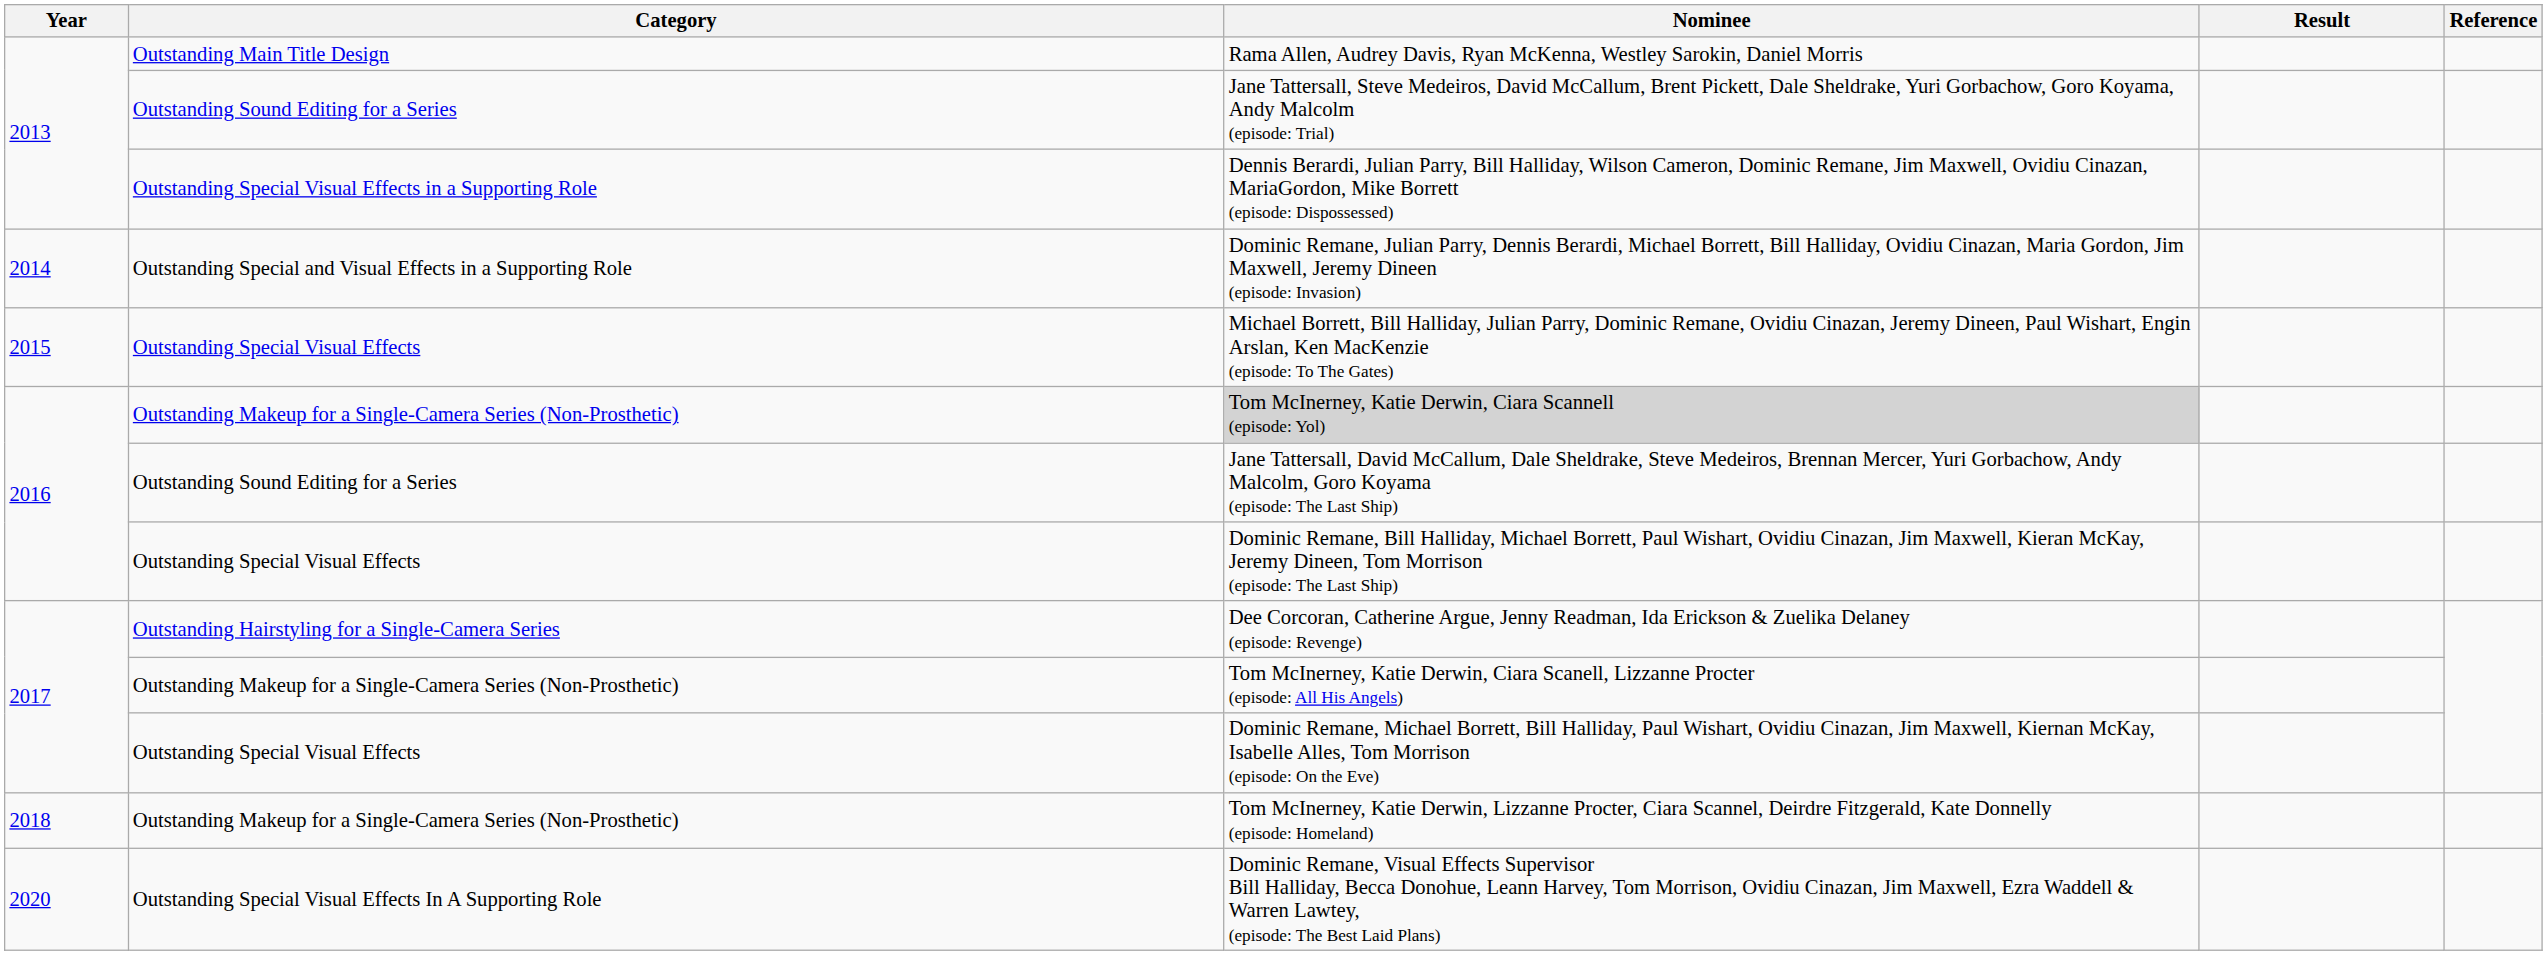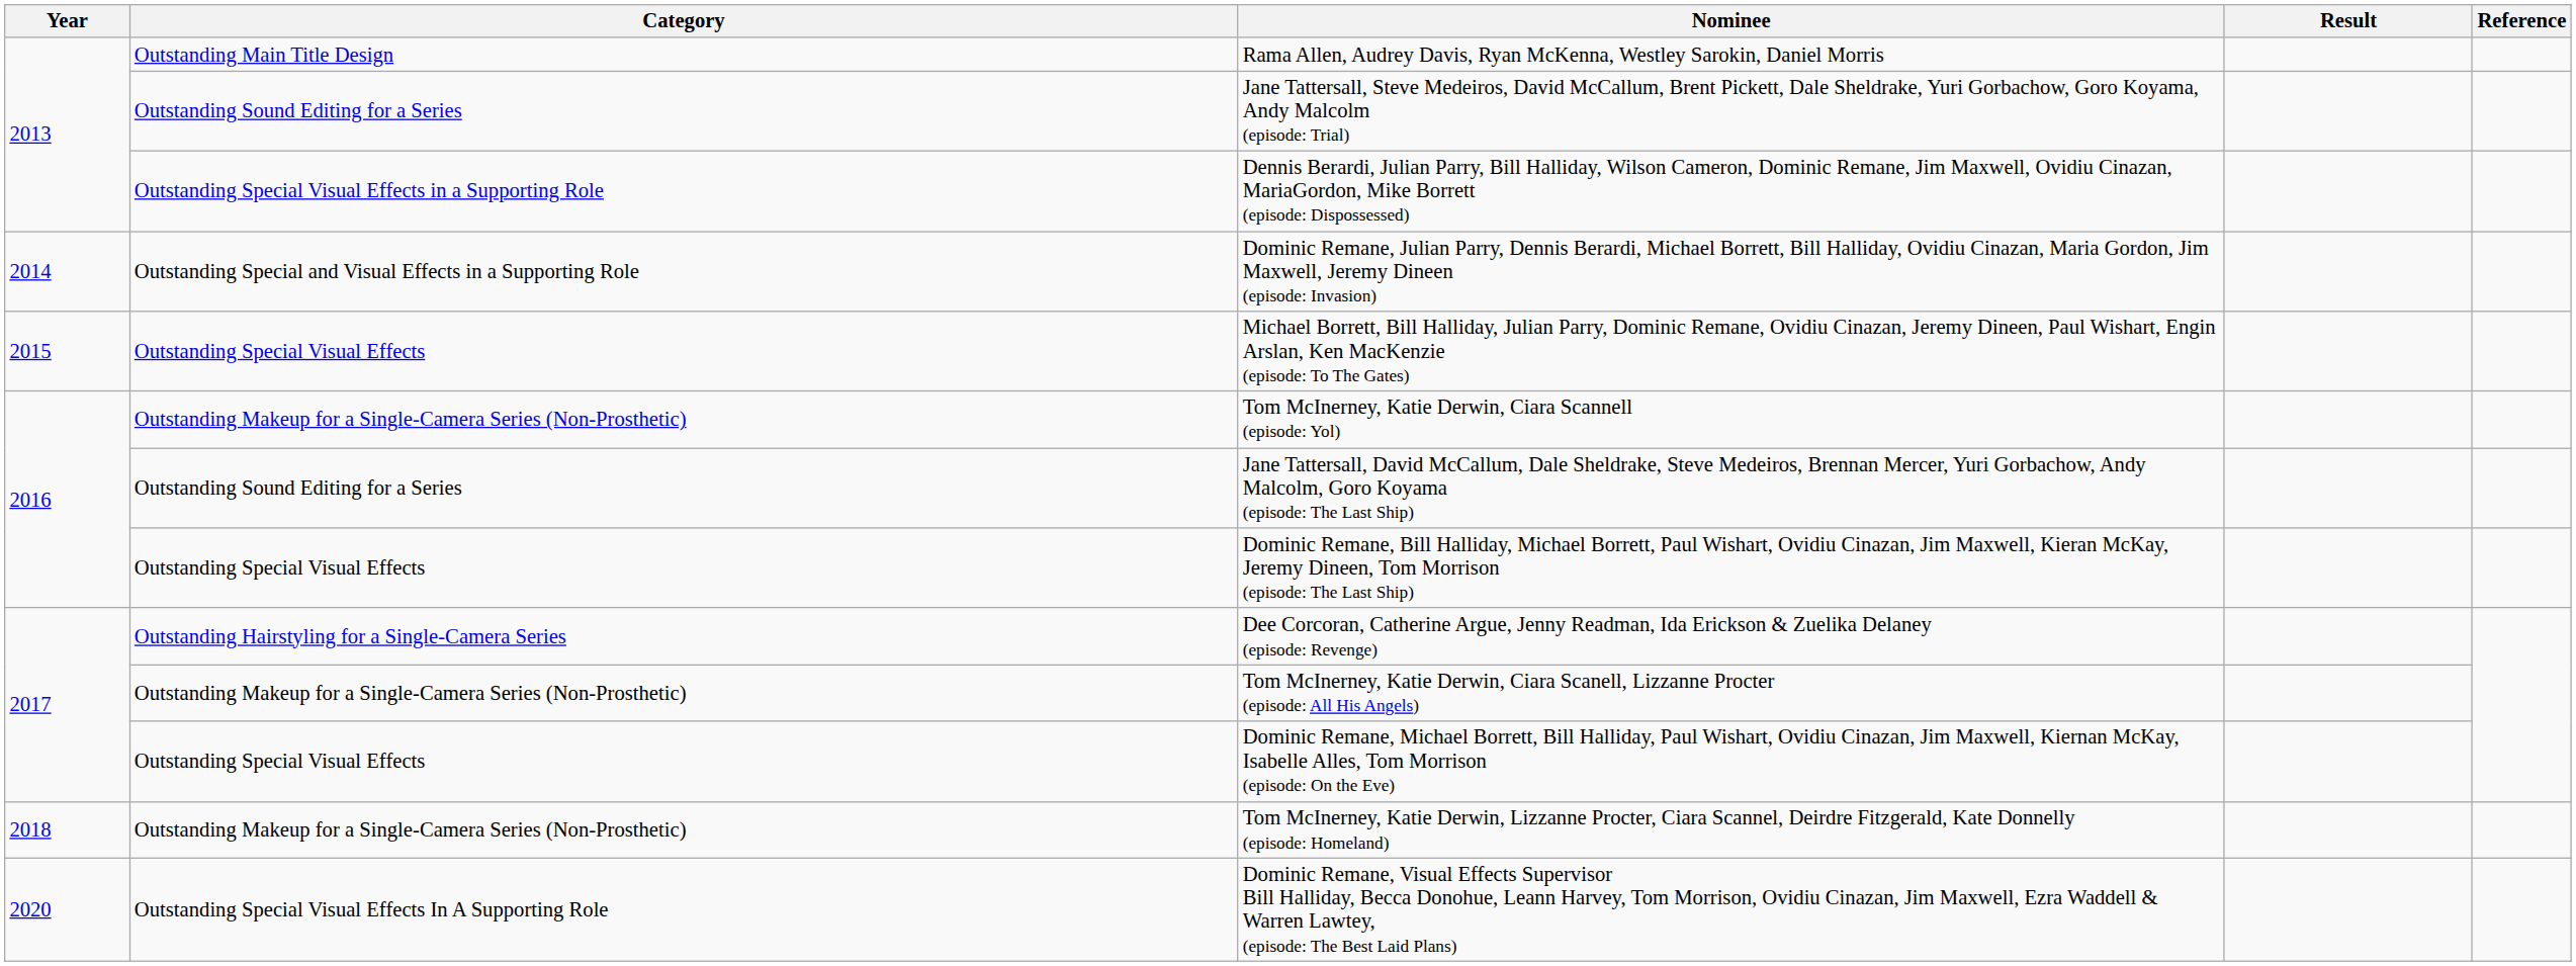 <table class="wikitable">
 <tr>
 <th width=5%>Year</th>
 <th width=45%>Category</th>
 <th width=40%>Nominee</th>
 <th width=10%>Result</th>
 <th width=5%>Reference</th>
 </tr>
 <tr>
 <td rowspan="3"><a href='#'>2013</a></td>
 <td><a href='#'>Outstanding Main Title Design</a></td>
 <td>Rama Allen, Audrey Davis, Ryan McKenna, Westley Sarokin, Daniel Morris</td>
 <td></td>
 <td></td>
 </tr>
 <tr>
 <td><a href='#'>Outstanding Sound Editing for a Series</a></td>
 <td>Jane Tattersall, Steve Medeiros, David McCallum, Brent Pickett, Dale Sheldrake, Yuri Gorbachow, Goro Koyama, Andy Malcolm<br><small>(episode: Trial)</small></td>
 <td></td>
 <td></td>
 </tr>
 <tr>
 <td><a href='#'>Outstanding Special Visual Effects in a Supporting Role</a></td>
 <td>Dennis Berardi, Julian Parry, Bill Halliday, Wilson Cameron, Dominic Remane, Jim Maxwell, Ovidiu Cinazan, MariaGordon, Mike Borrett<br><small>(episode: Dispossessed)</small></td>
 <td></td>
 <td></td>
 </tr>
 <tr>
 <td><a href='#'>2014</a></td>
 <td>Outstanding Special and Visual Effects in a Supporting Role</td>
 <td>Dominic Remane, Julian Parry, Dennis Berardi, Michael Borrett, Bill Halliday, Ovidiu Cinazan, Maria Gordon, Jim Maxwell, Jeremy Dineen<br><small>(episode: Invasion)</small></td>
 <td></td>
 <td></td>
 </tr>
 <tr>
 <td><a href='#'>2015</a></td>
 <td><a href='#'>Outstanding Special Visual Effects</a></td>
 <td>Michael Borrett, Bill Halliday, Julian Parry, Dominic Remane, Ovidiu Cinazan, Jeremy Dineen, Paul Wishart, Engin Arslan, Ken MacKenzie<br><small>(episode: To The Gates)</small></td>
 <td></td>
 <td></td>
 </tr>
 <tr>
 <td rowspan="3"><a href='#'>2016</a></td>
 <td><a href='#'>Outstanding Makeup for a Single-Camera Series (Non-Prosthetic)</a></td>
-<td style="background: lightgrey;">Tom McInerney, Katie Derwin, Ciara Scannell<br><small>(episode: Yol)</small></td>
+<td>Tom McInerney, Katie Derwin, Ciara Scannell<br><small>(episode: Yol)</small></td>
 <td></td>
 <td></td>
 </tr>
 <tr>
 <td>Outstanding Sound Editing for a Series</td>
 <td>Jane Tattersall, David McCallum, Dale Sheldrake, Steve Medeiros, Brennan Mercer, Yuri Gorbachow, Andy Malcolm, Goro Koyama<br><small>(episode: The Last Ship)</small></td>
 <td></td>
 <td></td>
 </tr>
 <tr>
 <td>Outstanding Special Visual Effects</td>
 <td>Dominic Remane, Bill Halliday, Michael Borrett, Paul Wishart, Ovidiu Cinazan, Jim Maxwell, Kieran McKay, Jeremy Dineen, Tom Morrison<br><small>(episode: The Last Ship)</small></td>
 <td></td>
 <td></td>
 </tr>
 <tr>
 <td rowspan=3><a href='#'>2017</a></td>
 <td><a href='#'>Outstanding Hairstyling for a Single-Camera Series</a></td>
 <td>Dee Corcoran, Catherine Argue, Jenny Readman, Ida Erickson & Zuelika Delaney<br><small>(episode: Revenge)</small></td>
 <td></td>
 <td rowspan=3></td>
 </tr>
 <tr>
 <td>Outstanding Makeup for a Single-Camera Series (Non-Prosthetic)</td>
 <td>Tom McInerney, Katie Derwin, Ciara Scanell, Lizzanne Procter<br><small>(episode: <a href='#'>All His Angels</a>)</small></td>
 <td></td>
 </tr>
 <tr>
 <td>Outstanding Special Visual Effects</td>
 <td>Dominic Remane, Michael Borrett, Bill Halliday, Paul Wishart, Ovidiu Cinazan, Jim Maxwell, Kiernan McKay, Isabelle Alles, Tom Morrison<br><small>(episode: On the Eve)</small></td>
 <td></td>
 </tr>
 <tr>
 <td><a href='#'>2018</a></td>
 <td>Outstanding Makeup for a Single-Camera Series (Non-Prosthetic)</td>
 <td>Tom McInerney, Katie Derwin, Lizzanne Procter, Ciara Scannel, Deirdre Fitzgerald, Kate Donnelly<br><small>(episode: Homeland)</small></td>
 <td></td>
 <td></td>
 </tr>
 <tr>
 <td><a href='#'>2020</a></td>
 <td>Outstanding Special Visual Effects In A Supporting Role</td>
 <td>Dominic Remane, Visual Effects Supervisor<br>Bill Halliday, Becca Donohue, Leann Harvey, Tom Morrison, Ovidiu Cinazan, Jim Maxwell, Ezra Waddell & Warren Lawtey, <br><small>(episode: The Best Laid Plans)</small></td>
 <td></td>
 <td></td>
 </tr>
 </table>
